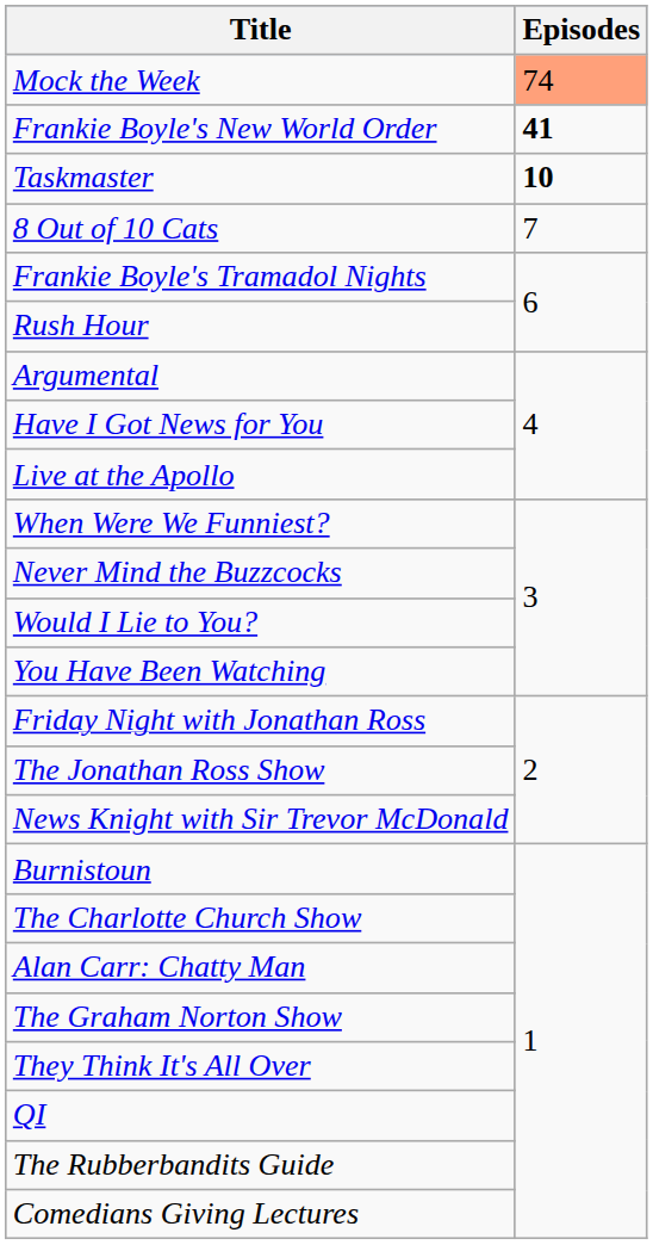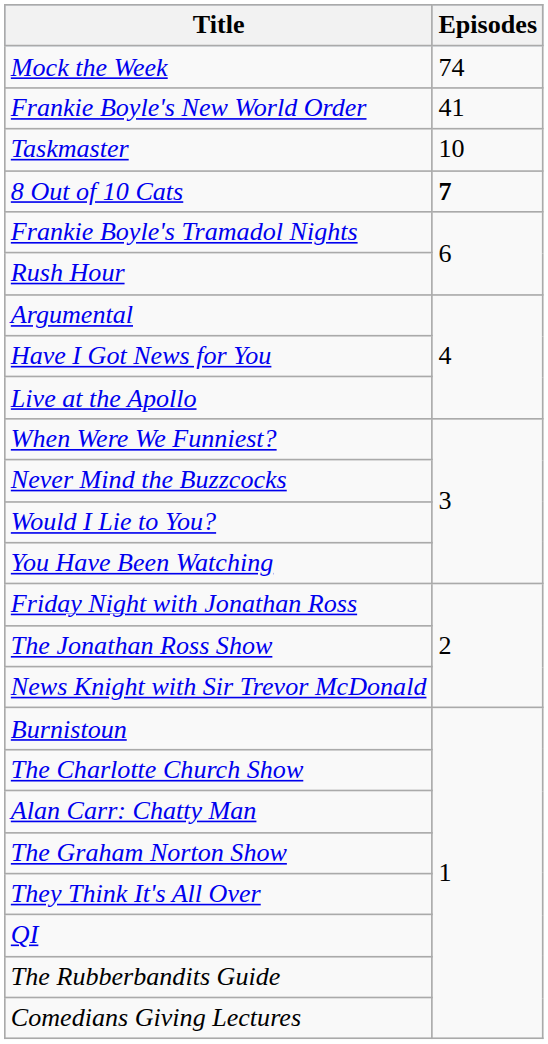 <table class="wikitable" style="margin:1em 0; ">
 <tr style="background:#b0c4de;">
 <th>Title</th>
 <th>Episodes</th>
 </tr>
 <tr>
 <td><em><a href='#'>Mock the Week</a></em></td>
-<td style="background: lightsalmon;">74</td>
+<td>74</td>
 </tr>
 <tr>
 <td><em><a href='#'>Frankie Boyle's New World Order</a></em></td>
-<td><strong>41</strong></td>
+<td>41</td>
 </tr>
 <tr>
 <td><em><a href='#'>Taskmaster</a></em></td>
-<td><strong>10</strong></td>
+<td>10</td>
 </tr>
 <tr>
 <td><em><a href='#'>8 Out of 10 Cats</a></em></td>
-<td>7</td>
+<td><strong>7</strong></td>
 </tr>
 <tr>
 <td><em><a href='#'>Frankie Boyle's Tramadol Nights</a></em></td>
 <td rowspan=2>6</td>
 </tr>
 <tr>
 <td><em><a href='#'>Rush Hour</a></em></td>
 </tr>
 <tr>
 <td><em><a href='#'>Argumental</a></em></td>
 <td rowspan=3>4</td>
 </tr>
 <tr>
 <td><em><a href='#'>Have I Got News for You</a></em></td>
 </tr>
 <tr>
 <td><em><a href='#'>Live at the Apollo</a></em></td>
 </tr>
 <tr>
 <td><em><a href='#'>When Were We Funniest?</a></em></td>
 <td rowspan=4>3</td>
 </tr>
 <tr>
 <td><em><a href='#'>Never Mind the Buzzcocks</a></em></td>
 </tr>
 <tr>
 <td><em><a href='#'>Would I Lie to You?</a></em></td>
 </tr>
 <tr>
 <td><em><a href='#'>You Have Been Watching</a></em></td>
 </tr>
 <tr>
 <td><em><a href='#'>Friday Night with Jonathan Ross</a></em></td>
 <td rowspan=3>2</td>
 </tr>
 <tr>
 <td><em><a href='#'>The Jonathan Ross Show</a></em></td>
 </tr>
 <tr>
 <td><em><a href='#'>News Knight with Sir Trevor McDonald</a></em></td>
 </tr>
 <tr>
 <td><em><a href='#'>Burnistoun</a></em></td>
 <td rowspan=8>1</td>
 </tr>
 <tr>
 <td><em><a href='#'>The Charlotte Church Show</a></em></td>
 </tr>
 <tr>
 <td><em><a href='#'>Alan Carr: Chatty Man</a></em></td>
 </tr>
 <tr>
 <td><em><a href='#'>The Graham Norton Show</a></em></td>
 </tr>
 <tr>
 <td><em><a href='#'>They Think It's All Over</a></em></td>
 </tr>
 <tr>
 <td><em><a href='#'>QI</a></em></td>
 </tr>
 <tr>
 <td><em>The Rubberbandits Guide</em></td>
 </tr>
 <tr>
 <td><em>Comedians Giving Lectures</em></td>
 </tr>
 </table>
